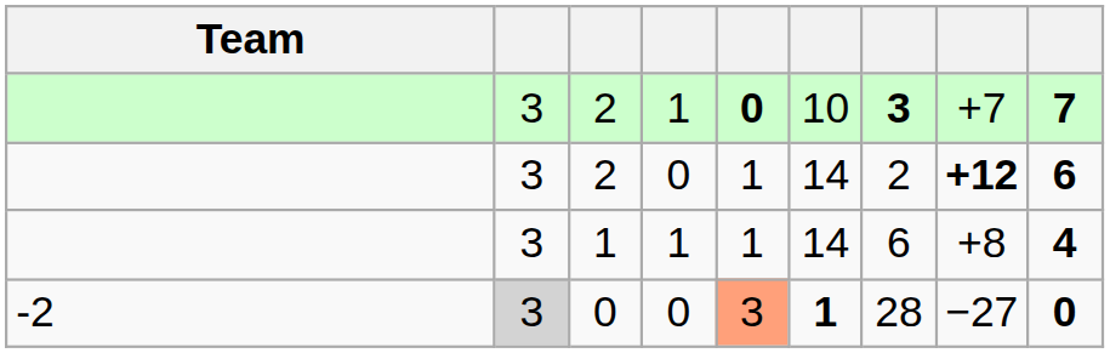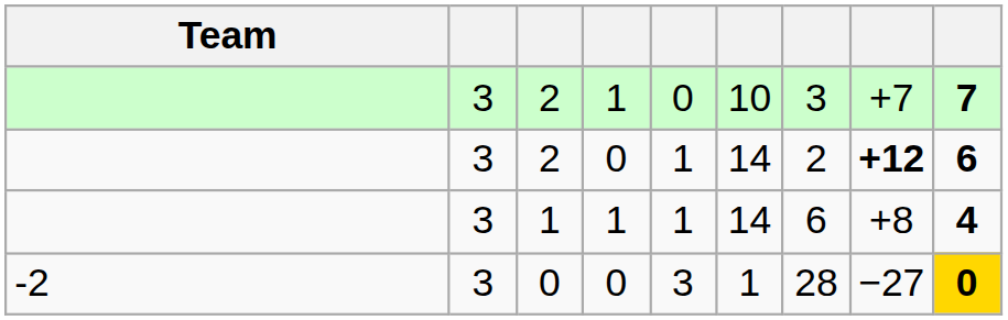 <table class="wikitable" style="text-align:center;">
 <tr>
 <th width=175>Team</th>
 <th width=20></th>
 <th width=20></th>
 <th width=20></th>
 <th width=20></th>
 <th width=20></th>
 <th width=20></th>
 <th width=20></th>
 <th width=20></th>
 </tr>
 <tr bgcolor=ccffcc>
 <td align="left"></td>
 <td>3</td>
 <td>2</td>
 <td>1</td>
-<td><strong>0</strong></td>
+<td>0</td>
 <td>10</td>
-<td><strong>3</strong></td>
+<td>3</td>
 <td>+7</td>
 <td><strong>7</strong></td>
 </tr>
 <tr>
 <td align="left"></td>
 <td>3</td>
 <td>2</td>
 <td>0</td>
 <td>1</td>
 <td>14</td>
 <td>2</td>
 <td><strong>+12</strong></td>
 <td><strong>6</strong></td>
 </tr>
 <tr>
 <td align="left"></td>
 <td>3</td>
 <td>1</td>
 <td>1</td>
 <td>1</td>
 <td>14</td>
 <td>6</td>
 <td>+8</td>
 <td><strong>4</strong></td>
 </tr>
 <tr>
 <td align="left">-2</td>
-<td style="background: lightgrey;">3</td>
+<td>3</td>
 <td>0</td>
 <td>0</td>
-<td style="background: lightsalmon;">3</td>
-<td><strong>1</strong></td>
+<td>3</td>
+<td>1</td>
 <td>28</td>
 <td>−27</td>
-<td><strong>0</strong></td>
+<td style="background: gold;"><strong>0</strong></td>
 </tr>
 </table>
